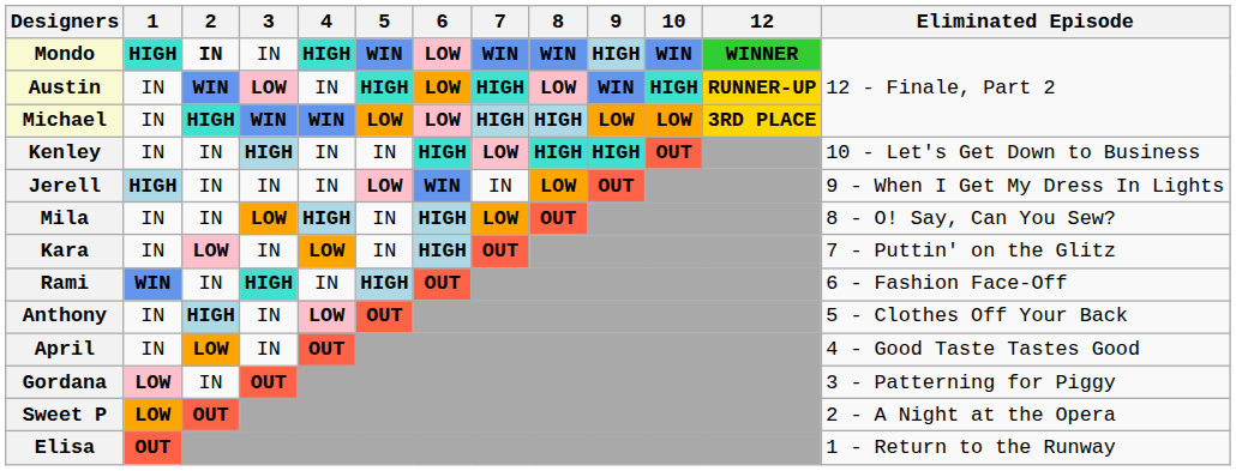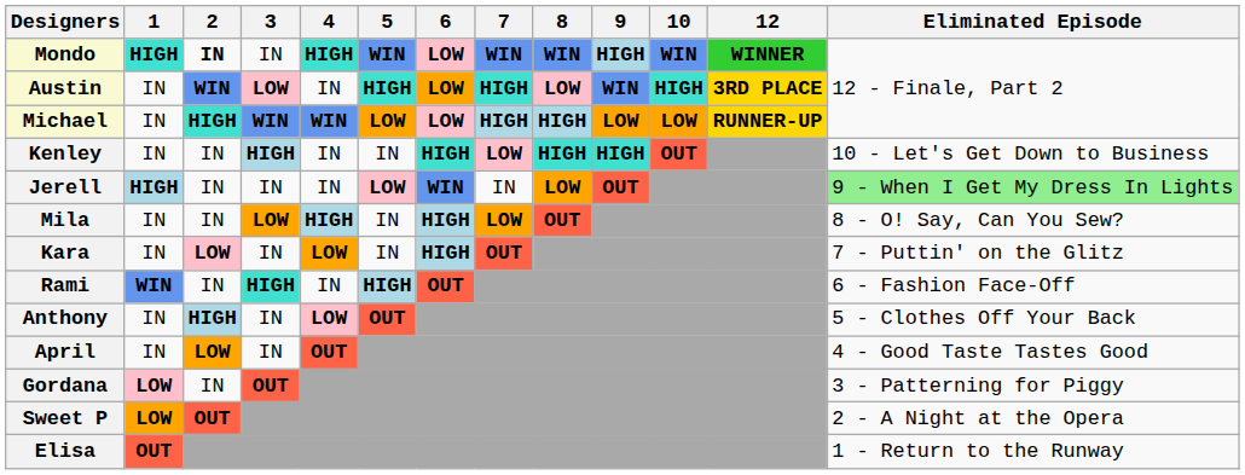 <table class="wikitable" style="text-align:center">
 <tr>
 <th>Designers</th>
 <th>1</th>
 <th>2</th>
 <th>3</th>
 <th>4</th>
 <th>5</th>
 <th>6</th>
 <th>7</th>
 <th>8</th>
 <th>9</th>
 <th>10</th>
 <th>12</th>
 <th>Eliminated Episode</th>
 </tr>
 <tr>
 <th style="background:#FAFAD2;">Mondo</th>
 <td style="background:turquoise;"><strong>HIGH</strong></td>
 <td><strong>IN</strong></td>
 <td>IN</td>
 <td style="background:turquoise;"><strong>HIGH</strong></td>
 <td style="background:cornflowerblue;"><strong>WIN</strong></td>
 <td style="background:pink;"><strong>LOW</strong></td>
 <td style="background:cornflowerblue;"><strong>WIN</strong></td>
 <td style="background:cornflowerblue;"><strong>WIN</strong></td>
 <td style="background:lightblue;"><strong>HIGH</strong></td>
 <td style="background:cornflowerblue;"><strong>WIN</strong></td>
 <td style="background:limegreen;"><strong>WINNER</strong></td>
 <td style="text-align:left;" rowspan="3">12 - Finale, Part 2</td>
 </tr>
 <tr>
 <th style="background:#FAFAD2;">Austin</th>
 <td>IN</td>
 <td style="background:cornflowerblue;"><strong>WIN</strong></td>
 <td style="background:pink;"><strong>LOW</strong></td>
 <td>IN</td>
 <td style="background:turquoise;"><strong>HIGH</strong></td>
 <td style="background:orange;"><strong>LOW</strong></td>
 <td style="background:turquoise;"><strong>HIGH</strong></td>
 <td style="background:pink;"><strong>LOW</strong></td>
 <td style="background:cornflowerblue;"><strong>WIN</strong></td>
 <td style="background:turquoise;"><strong>HIGH</strong></td>
-<td style="background:gold;"><strong> RUNNER-UP</strong></td>
+<td style="background:gold;"><strong>3RD PLACE</strong></td>
 </tr>
 <tr>
 <th style="background:#FAFAD2;">Michael</th>
 <td>IN</td>
 <td style="background:turquoise;"><strong>HIGH</strong></td>
 <td style="background:cornflowerblue;"><strong>WIN</strong></td>
 <td style="background:cornflowerblue;"><strong>WIN</strong></td>
 <td style="background:orange;"><strong>LOW</strong></td>
 <td style="background:pink;"><strong>LOW</strong></td>
 <td style="background:lightblue;"><strong>HIGH</strong></td>
 <td style="background:lightblue;"><strong>HIGH</strong></td>
 <td style="background:orange;"><strong>LOW</strong></td>
 <td style="background:orange;"><strong>LOW</strong></td>
-<td style="background:gold;"><strong>3RD PLACE</strong></td>
+<td style="background:gold;"><strong> RUNNER-UP</strong></td>
 </tr>
 <tr>
 <th>Kenley</th>
 <td>IN</td>
 <td>IN</td>
 <td style="background:lightblue;"><strong>HIGH</strong></td>
 <td>IN</td>
 <td>IN</td>
 <td style="background:turquoise;"><strong>HIGH</strong></td>
 <td style="background:pink;"><strong>LOW</strong></td>
 <td style="background:turquoise;"><strong>HIGH</strong></td>
 <td style="background:turquoise;"><strong>HIGH</strong></td>
 <td style="background:tomato;"><strong>OUT</strong></td>
 <td style="background:darkgrey;"></td>
 <td style="text-align:left;">10 - Let's Get Down to Business</td>
 </tr>
 <tr>
 <th>Jerell</th>
 <td style="background:lightblue;"><strong>HIGH</strong></td>
 <td>IN</td>
 <td>IN</td>
 <td>IN</td>
 <td style="background:pink;"><strong>LOW</strong></td>
 <td style="background:cornflowerblue;"><strong>WIN</strong></td>
 <td>IN</td>
 <td style="background:orange;"><strong>LOW</strong></td>
 <td style="background:tomato;"><strong>OUT</strong></td>
 <td style="background:darkgrey;" colspan="2"></td>
-<td style="text-align:left;">9 - When I Get My Dress In Lights</td>
+<td style="background: lightgreen; text-align:left;">9 - When I Get My Dress In Lights</td>
 </tr>
 <tr>
 <th>Mila</th>
 <td>IN</td>
 <td>IN</td>
 <td style="background:orange;"><strong>LOW</strong></td>
 <td style="background:lightblue;"><strong>HIGH</strong></td>
 <td>IN</td>
 <td style="background:lightblue;"><strong>HIGH</strong></td>
 <td style="background:orange;"><strong>LOW</strong></td>
 <td style="background:tomato;"><strong>OUT</strong></td>
 <td style="background:darkgrey;" colspan="3"></td>
 <td style="text-align:left;">8 - O! Say, Can You Sew?</td>
 </tr>
 <tr>
 <th>Kara</th>
 <td>IN</td>
 <td style="background:pink;"><strong>LOW</strong></td>
 <td>IN</td>
 <td style="background:orange;"><strong>LOW</strong></td>
 <td>IN</td>
 <td style="background:lightblue;"><strong>HIGH</strong></td>
 <td style="background:tomato;"><strong>OUT</strong></td>
 <td style="background:darkgrey;" colspan="4"></td>
 <td style="text-align:left;">7 - Puttin' on the Glitz</td>
 </tr>
 <tr>
 <th>Rami</th>
 <td style="background:cornflowerblue;"><strong>WIN</strong></td>
 <td>IN</td>
 <td style="background:turquoise;"><strong>HIGH</strong></td>
 <td>IN</td>
 <td style="background:lightblue;"><strong>HIGH</strong></td>
 <td style="background:tomato;"><strong>OUT</strong></td>
 <td style="background:darkgrey;" colspan="5"></td>
 <td style="text-align:left;">6 - Fashion Face-Off</td>
 </tr>
 <tr>
 <th>Anthony</th>
 <td>IN</td>
 <td style="background:lightblue;"><strong>HIGH</strong></td>
 <td>IN</td>
 <td style="background:pink;"><strong>LOW</strong></td>
 <td style="background:tomato;"><strong>OUT</strong></td>
 <td style="background:darkgrey;" colspan="6"></td>
 <td style="text-align:left;">5 - Clothes Off Your Back</td>
 </tr>
 <tr>
 <th>April</th>
 <td>IN</td>
 <td style="background:orange;"><strong>LOW</strong></td>
 <td>IN</td>
 <td style="background:tomato;"><strong>OUT</strong></td>
 <td style="background:darkgrey;" colspan="7"></td>
 <td style="text-align:left;">4 - Good Taste Tastes Good</td>
 </tr>
 <tr>
 <th>Gordana</th>
 <td style="background:pink;"><strong>LOW</strong></td>
 <td>IN</td>
 <td style="background:tomato;"><strong>OUT</strong></td>
 <td style="background:darkgrey;" colspan="8"></td>
 <td style="text-align:left;">3 - Patterning for Piggy</td>
 </tr>
 <tr>
 <th>Sweet P</th>
 <td style="background:orange;"><strong>LOW</strong></td>
 <td style="background:tomato;"><strong>OUT</strong></td>
 <td style="background:darkgrey;" colspan="9"></td>
 <td style="text-align:left;">2 - A Night at the Opera</td>
 </tr>
 <tr>
 <th>Elisa</th>
 <td style="background:tomato;"><strong>OUT</strong></td>
 <td style="background:darkgrey;" colspan="10"></td>
 <td style="text-align:left;">1 - Return to the Runway</td>
 </tr>
 </table>
